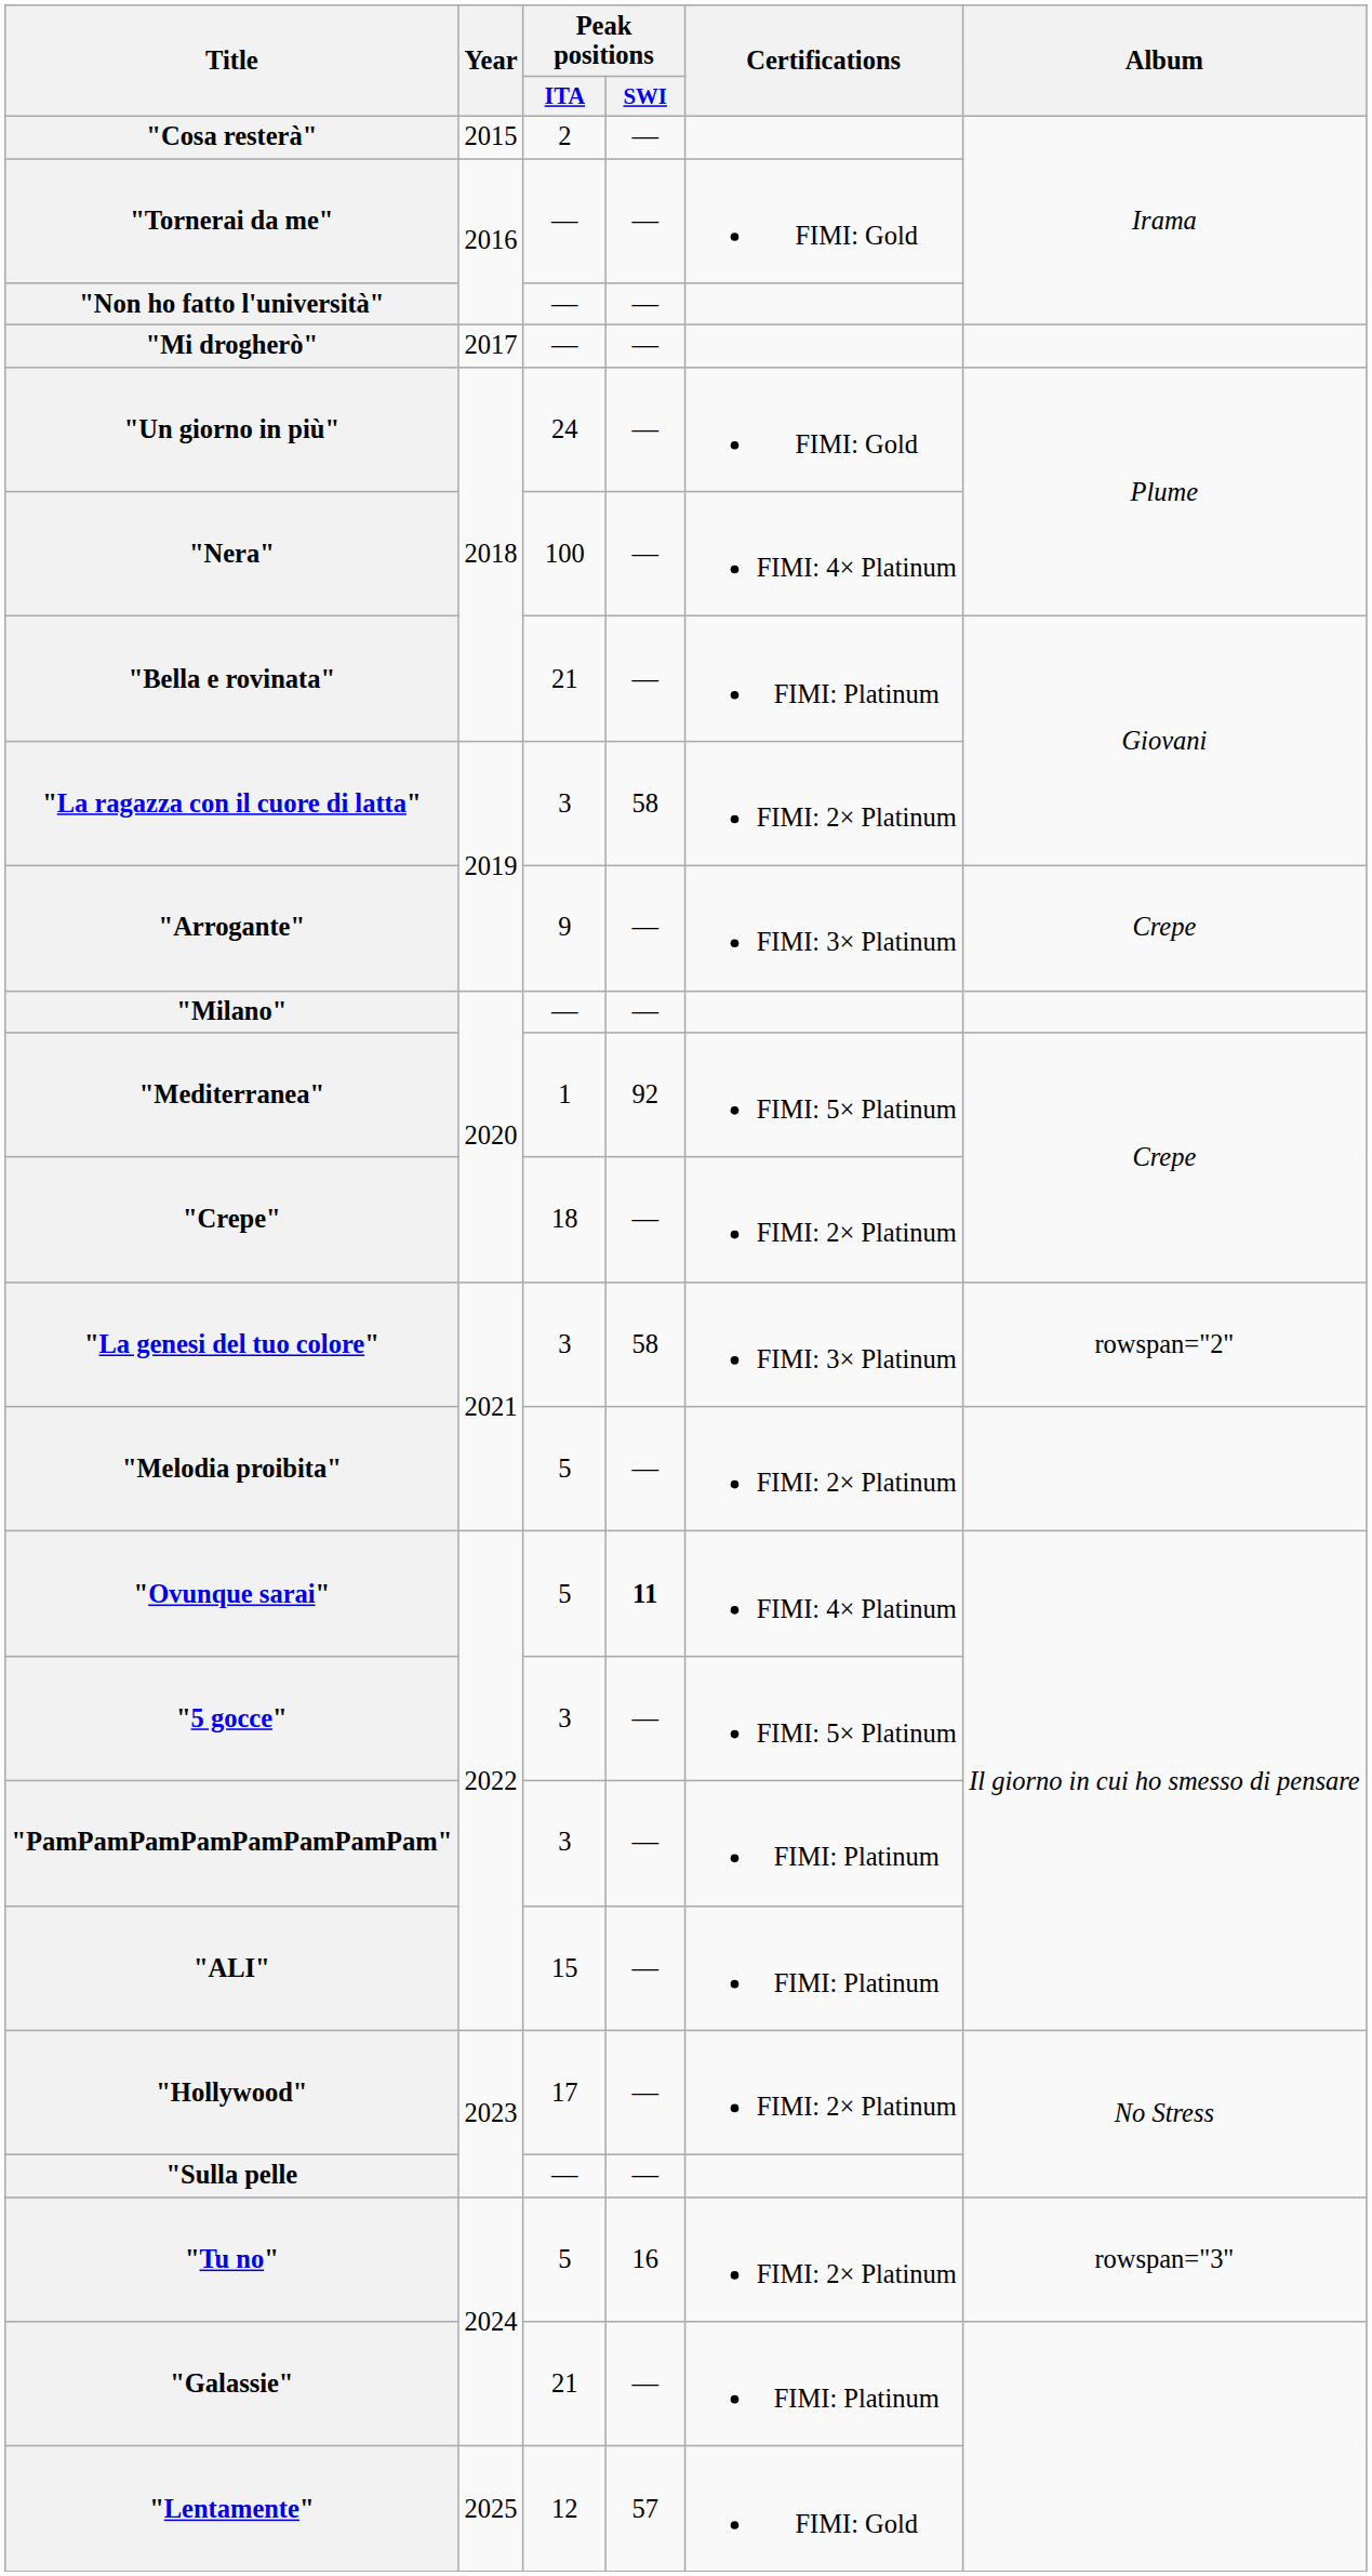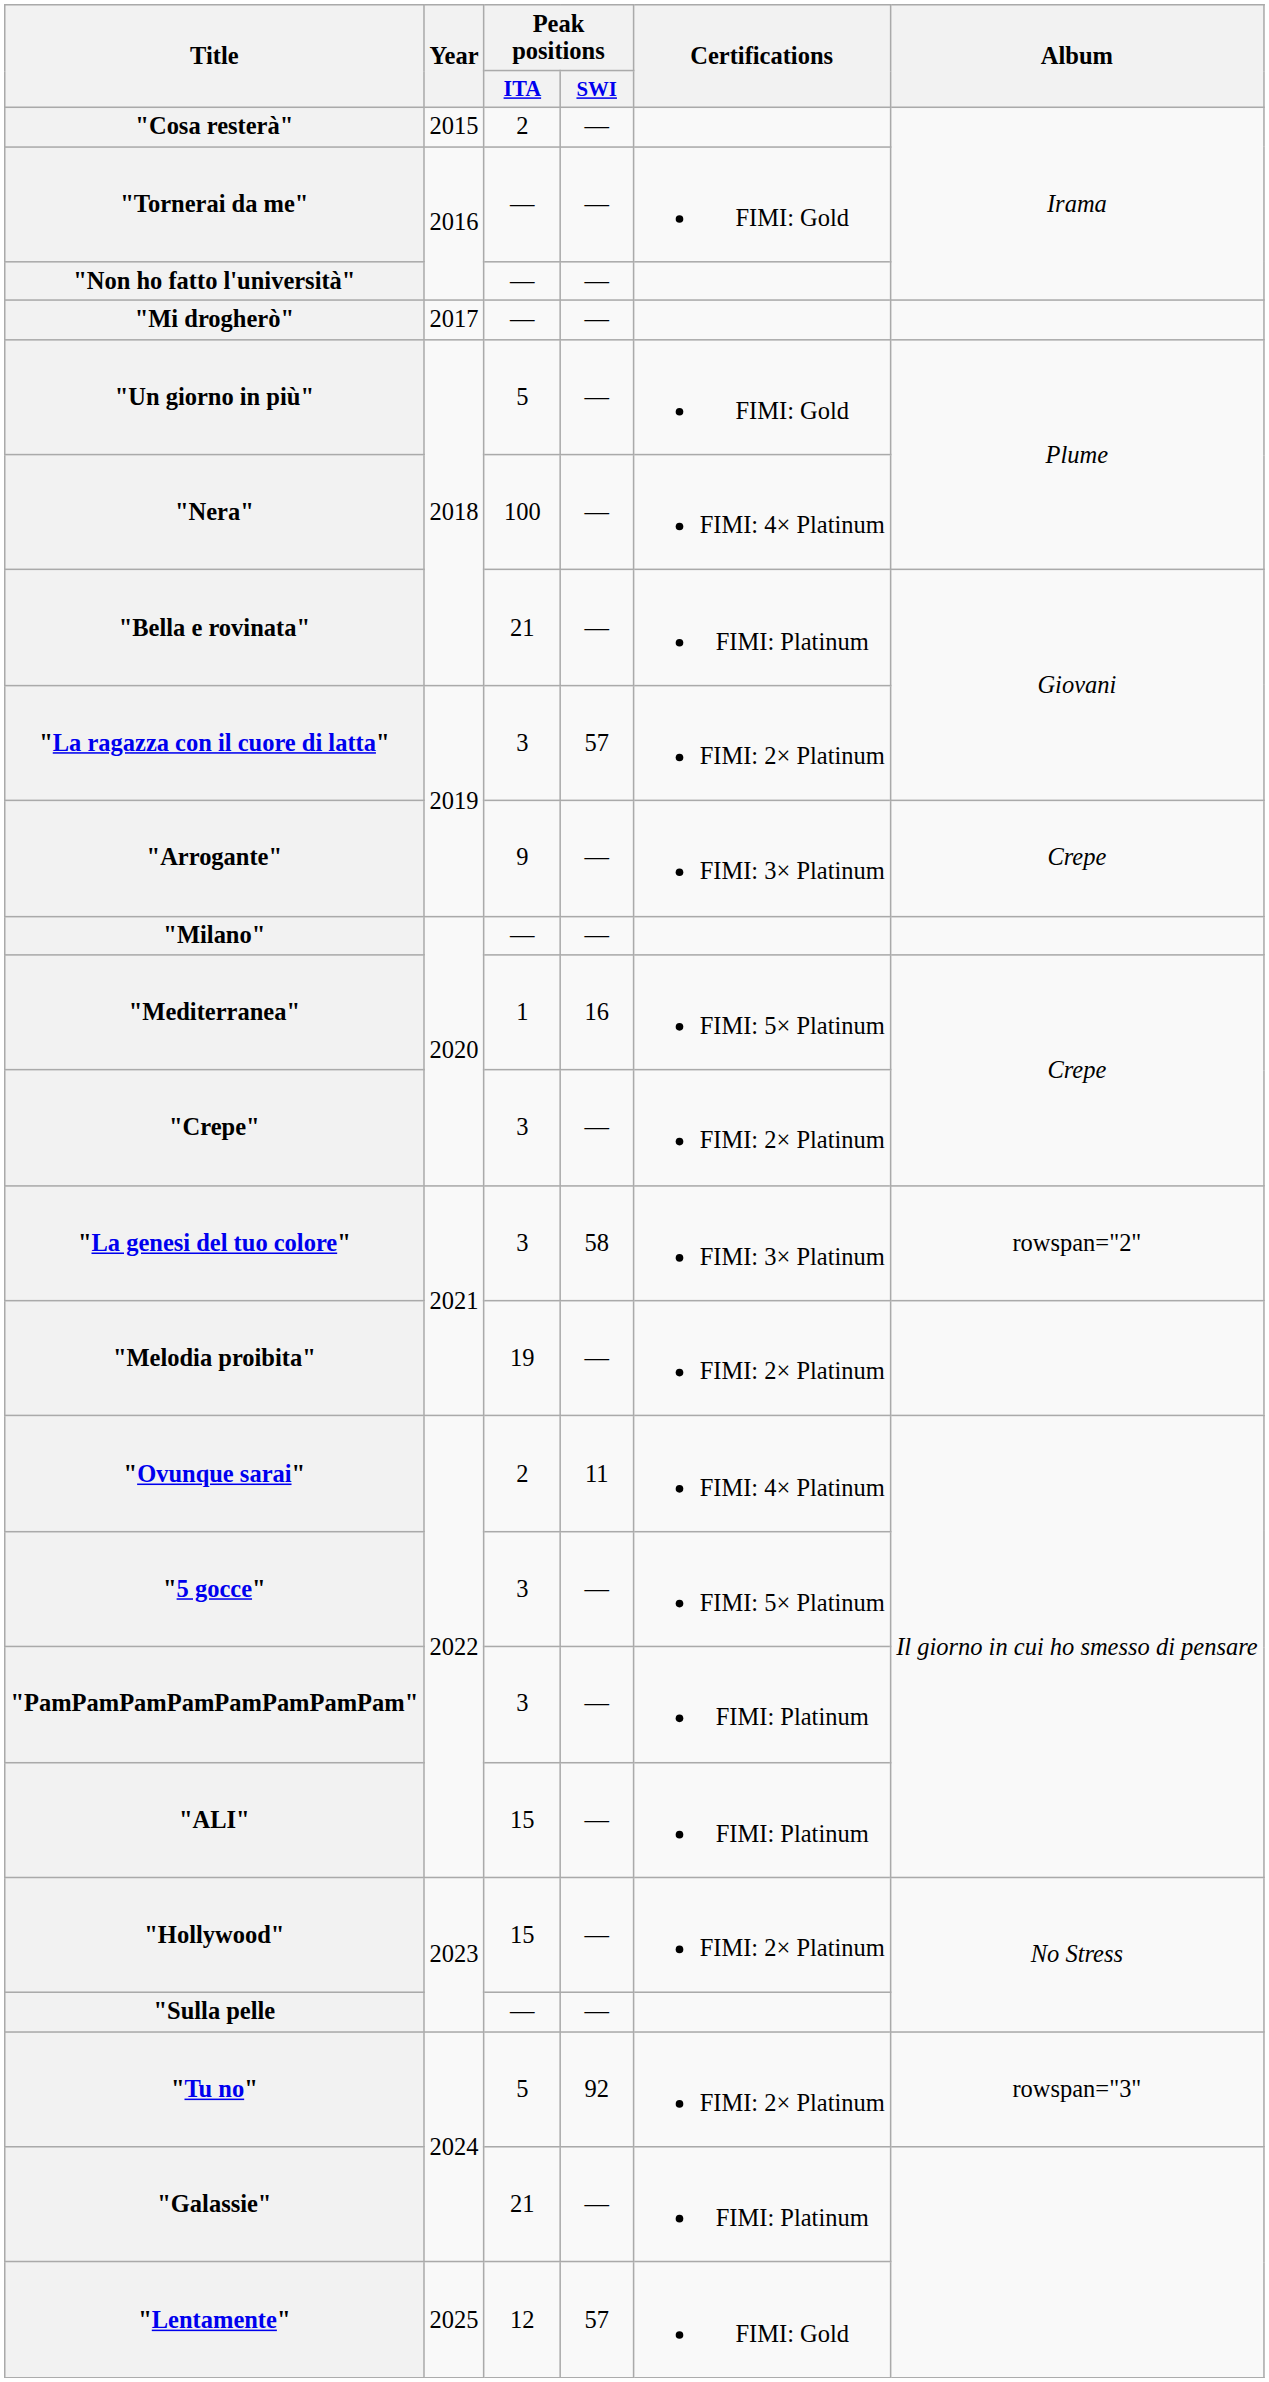 <table class="wikitable plainrowheaders" style="text-align:center;">
 <tr>
 <th rowspan="2">Title</th>
 <th rowspan="2">Year</th>
 <th colspan="2">Peak positions</th>
 <th rowspan="2">Certifications</th>
 <th rowspan="2">Album</th>
 </tr>
 <tr>
 <th style="width:3em;font-size:90%;"><a href='#'>ITA</a><br></th>
 <th scope="col" style="width:3em;font-size:85%;"><a href='#'>SWI</a><br></th>
 </tr>
 <tr>
 <th scope="row">"Cosa resterà"</th>
 <td>2015</td>
 <td>2</td>
 <td>—</td>
 <td></td>
 <td rowspan="3"><em>Irama</em></td>
 </tr>
 <tr>
 <th scope="row">"Tornerai da me"</th>
 <td rowspan="2">2016</td>
 <td>—</td>
 <td>—</td>
 <td><br><ul><li>FIMI: Gold</li></ul></td>
 </tr>
 <tr>
 <th scope="row">"Non ho fatto l'università"</th>
 <td>—</td>
 <td>—</td>
 <td></td>
 </tr>
 <tr>
 <th scope="row">"Mi drogherò"</th>
 <td>2017</td>
 <td>—</td>
 <td>—</td>
 <td></td>
 <td></td>
 </tr>
 <tr>
 <th scope="row">"Un giorno in più"</th>
 <td rowspan="3">2018</td>
-<td>24</td>
+<td>5</td>
 <td>—</td>
 <td><br><ul><li>FIMI: Gold</li></ul></td>
 <td rowspan="2"><em>Plume</em></td>
 </tr>
 <tr>
 <th scope="row">"Nera"</th>
 <td>100<br></td>
 <td>—</td>
 <td><br><ul><li>FIMI: 4× Platinum</li></ul></td>
 </tr>
 <tr>
 <th scope="row">"Bella e rovinata"</th>
 <td>21</td>
 <td>—</td>
 <td><br><ul><li>FIMI: Platinum</li></ul></td>
 <td rowspan="2"><em>Giovani</em></td>
 </tr>
 <tr>
 <th scope="row">"<a href='#'>La ragazza con il cuore di latta</a>"</th>
 <td rowspan="2">2019</td>
 <td>3</td>
-<td>58</td>
+<td>57</td>
 <td><br><ul><li>FIMI: 2× Platinum</li></ul></td>
 </tr>
 <tr>
 <th scope="row">"Arrogante"</th>
 <td>9</td>
 <td>—</td>
 <td><br><ul><li>FIMI: 3× Platinum</li></ul></td>
 <td rowspan="1"><em>Crepe</em></td>
 </tr>
 <tr>
 <th scope="row">"Milano"<br></th>
 <td rowspan="3">2020</td>
 <td>—</td>
 <td>—</td>
 <td></td>
 <td></td>
 </tr>
 <tr>
 <th scope="row">"Mediterranea"</th>
 <td>1</td>
-<td>92</td>
+<td>16</td>
 <td><br><ul><li>FIMI: 5× Platinum</li></ul></td>
 <td rowspan="2"><em>Crepe</em></td>
 </tr>
 <tr>
 <th scope="row">"Crepe"</th>
-<td>18</td>
+<td>3</td>
 <td>—</td>
 <td><br><ul><li>FIMI: 2× Platinum</li></ul></td>
 </tr>
 <tr>
 <th scope="row">"<a href='#'>La genesi del tuo colore</a>"</th>
 <td rowspan="2">2021</td>
 <td>3</td>
 <td>58</td>
 <td><br><ul><li>FIMI: 3× Platinum</li></ul></td>
 <td>rowspan="2" </td>
 </tr>
 <tr>
 <th scope="row">"Melodia proibita"</th>
-<td>5</td>
+<td>19</td>
 <td>—</td>
 <td><br><ul><li>FIMI: 2× Platinum</li></ul></td>
 </tr>
 <tr>
 <th scope="row">"<a href='#'>Ovunque sarai</a>"</th>
 <td rowspan="4">2022</td>
-<td>5</td>
-<td><strong>11</strong></td>
+<td>2</td>
+<td>11</td>
 <td><br><ul><li>FIMI: 4× Platinum</li></ul></td>
 <td rowspan="4"><em>Il giorno in cui ho smesso di pensare</em></td>
 </tr>
 <tr>
 <th scope="row">"<a href='#'>5 gocce</a>" </th>
 <td>3</td>
 <td>—</td>
 <td><br><ul><li>FIMI: 5× Platinum</li></ul></td>
 </tr>
 <tr>
 <th scope="row">"PamPamPamPamPamPamPamPam"</th>
 <td>3</td>
 <td>—</td>
 <td><br><ul><li>FIMI: Platinum</li></ul></td>
 </tr>
 <tr>
 <th scope="row">"ALI"</th>
 <td>15</td>
 <td>—</td>
 <td><br><ul><li>FIMI: Platinum</li></ul></td>
 </tr>
 <tr>
 <th scope="row">"Hollywood" </th>
 <td rowspan="2">2023</td>
-<td>17</td>
+<td>15</td>
 <td>—</td>
 <td><br><ul><li>FIMI: 2× Platinum</li></ul></td>
 <td rowspan="2"><em>No Stress</em></td>
 </tr>
 <tr>
 <th scope="row">"Sulla pelle </th>
 <td>—</td>
 <td>—</td>
 <td></td>
 </tr>
 <tr>
 <th scope="row">"<a href='#'>Tu no</a>"</th>
 <td rowspan="2">2024</td>
 <td>5</td>
-<td>16</td>
+<td>92</td>
 <td><br><ul><li>FIMI: 2× Platinum</li></ul></td>
 <td>rowspan="3" </td>
 </tr>
 <tr>
 <th scope="row">"Galassie"</th>
 <td>21</td>
 <td>—</td>
 <td><br><ul><li>FIMI: Platinum</li></ul></td>
 </tr>
 <tr>
 <th scope="row">"<a href='#'>Lentamente</a>"</th>
 <td>2025</td>
 <td>12</td>
 <td>57</td>
 <td><br><ul><li>FIMI: Gold</li></ul></td>
 </tr>
 </table>
